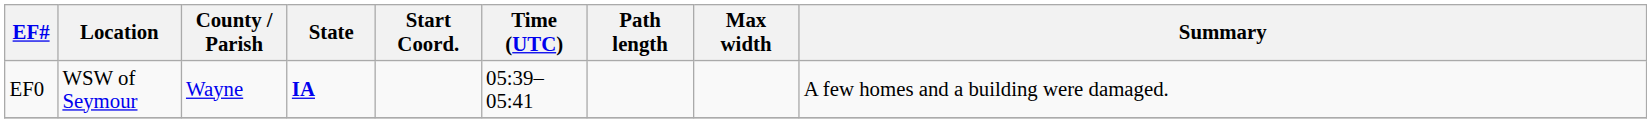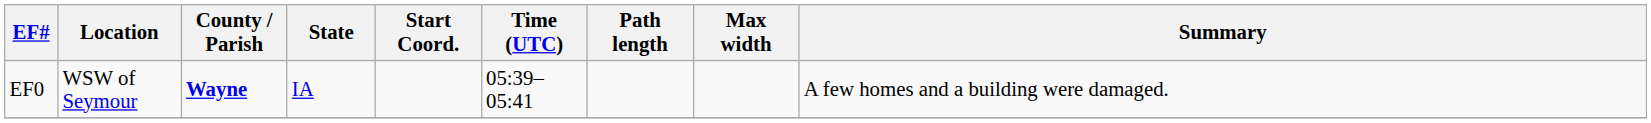 <table class="wikitable sortable" style="width:100%;">
 <tr>
 <th scope="col"  style="width:3%; text-align:center;"><a href='#'>EF#</a></th>
 <th scope="col"  style="width:7%; text-align:center;" class="unsortable">Location</th>
 <th scope="col"  style="width:6%; text-align:center;" class="unsortable">County / Parish</th>
 <th scope="col"  style="width:5%; text-align:center;">State</th>
 <th scope="col"  style="width:6%; text-align:center;">Start Coord.</th>
 <th scope="col"  style="width:6%; text-align:center;">Time (<a href='#'>UTC</a>)</th>
 <th scope="col"  style="width:6%; text-align:center;">Path length</th>
 <th scope="col"  style="width:6%; text-align:center;">Max width</th>
 <th scope="col" class="unsortable" style="width:48%; text-align:center;">Summary</th>
 </tr>
 <tr>
 <td>EF0</td>
 <td>WSW of <a href='#'>Seymour</a></td>
-<td><a href='#'>Wayne</a></td>
-<td><strong><a href='#'>IA</a></strong></td>
+<td><strong><a href='#'>Wayne</a></strong></td>
+<td><a href='#'>IA</a></td>
 <td></td>
 <td>05:39–05:41</td>
 <td></td>
 <td></td>
 <td>A few homes and a building were damaged.</td>
 </tr>
 <tr>
 </tr>
 </table>
